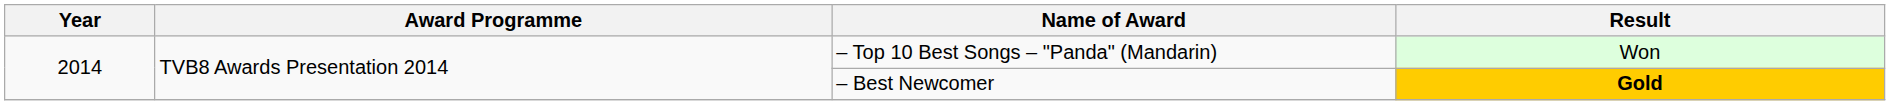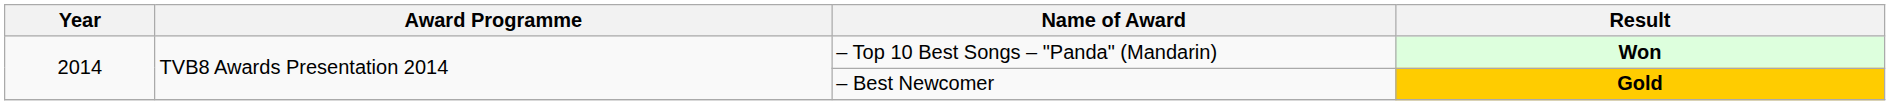 <table class="wikitable" style="width:95%;">
 <tr>
 <th style="width:8%">Year</th>
 <th style="width:36%">Award Programme</th>
 <th style="width:30%">Name of Award</th>
 <th style="width:60%">Result</th>
 </tr>
 <tr>
 <td rowspan=2 align="center">2014</td>
 <td rowspan=2>TVB8 Awards Presentation 2014</td>
 <td>– Top 10 Best Songs – "Panda" (Mandarin)</td>
-<td style="background:#ddffdd;text-align:center;">Won</td>
+<td style="background:#ddffdd;text-align:center;"><strong>Won</strong></td>
 </tr>
 <tr>
 <td>– Best Newcomer</td>
 <td style="background:#FFCC00;text-align:center;"><strong>Gold</strong></td>
 </tr>
 <tr>
 </tr>
 </table>
